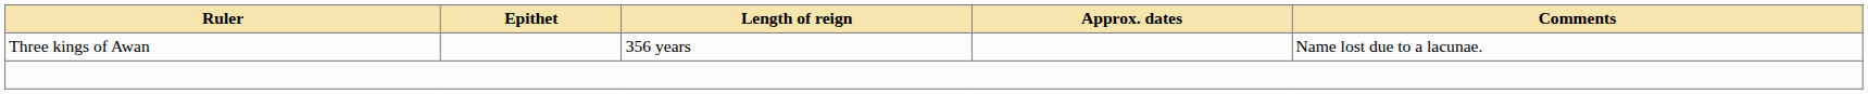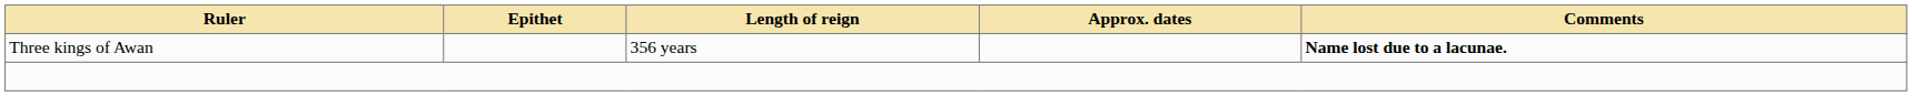 <table class="nowraplinks" cellspacing="0" cellpadding="3" width="600px" rules="all" style="background:#fbfbfb; border-style: solid; border-width: 1px; font-size:90%; empty-cells:show; border-collapse:collapse; width:100%;">
 <tr bgcolor="#F6E6AE">
 <th>Ruler</th>
 <th>Epithet</th>
 <th>Length of reign</th>
 <th>Approx. dates</th>
 <th>Comments</th>
 </tr>
 <tr>
 <td>Three kings of Awan</td>
 <td></td>
 <td>356 years</td>
 <td></td>
-<td>Name lost due to a lacunae.</td>
+<td><strong>Name lost due to a lacunae.</strong></td>
 </tr>
 <tr>
 <td colspan="5"><br></td>
 </tr>
 </table>
